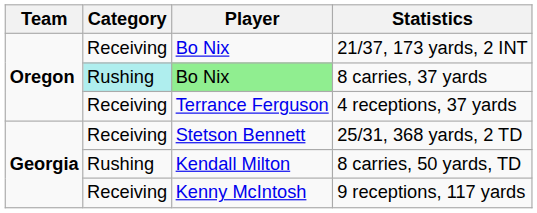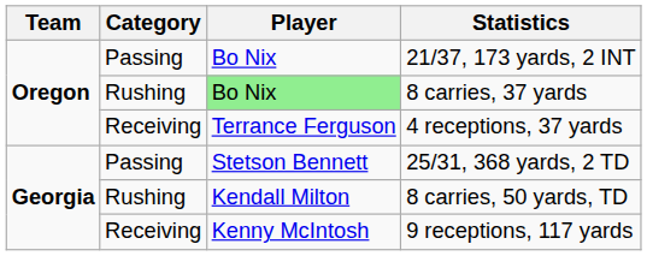 <table class="wikitable" style="float: right;">
 <tr>
 <th>Team</th>
 <th>Category</th>
 <th>Player</th>
 <th>Statistics</th>
 </tr>
 <tr>
 <td rowspan=3><strong>Oregon</strong></td>
-<td>Receiving</td>
+<td>Passing</td>
 <td><a href='#'>Bo Nix</a></td>
 <td>21/37, 173 yards, 2 INT</td>
 </tr>
 <tr>
-<td style="background: paleturquoise;">Rushing</td>
+<td>Rushing</td>
 <td style="background: lightgreen;">Bo Nix</td>
 <td>8 carries, 37 yards</td>
 </tr>
 <tr>
 <td>Receiving</td>
 <td><a href='#'>Terrance Ferguson</a></td>
 <td>4 receptions, 37 yards</td>
 </tr>
 <tr>
 <td rowspan=3><strong>Georgia</strong></td>
-<td>Receiving</td>
+<td>Passing</td>
 <td><a href='#'>Stetson Bennett</a></td>
 <td>25/31, 368 yards, 2 TD</td>
 </tr>
 <tr>
 <td>Rushing</td>
 <td><a href='#'>Kendall Milton</a></td>
 <td>8 carries, 50 yards, TD</td>
 </tr>
 <tr>
 <td>Receiving</td>
 <td><a href='#'>Kenny McIntosh</a></td>
 <td>9 receptions, 117 yards</td>
 </tr>
 </table>
